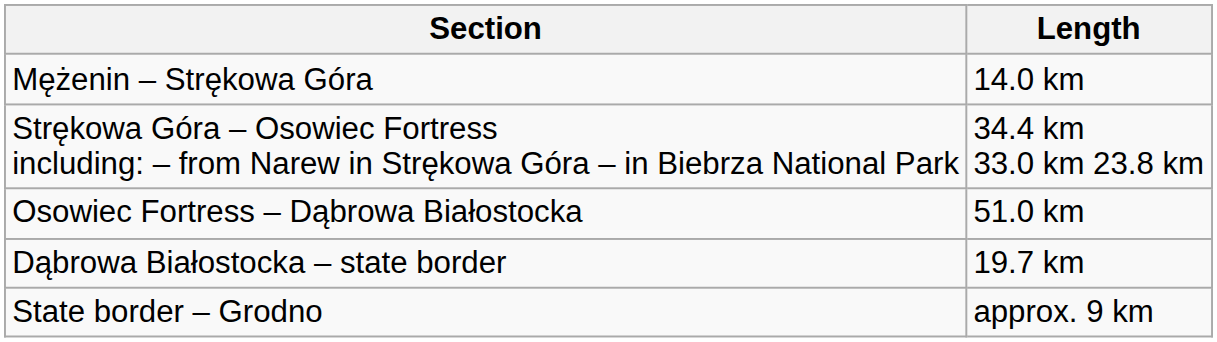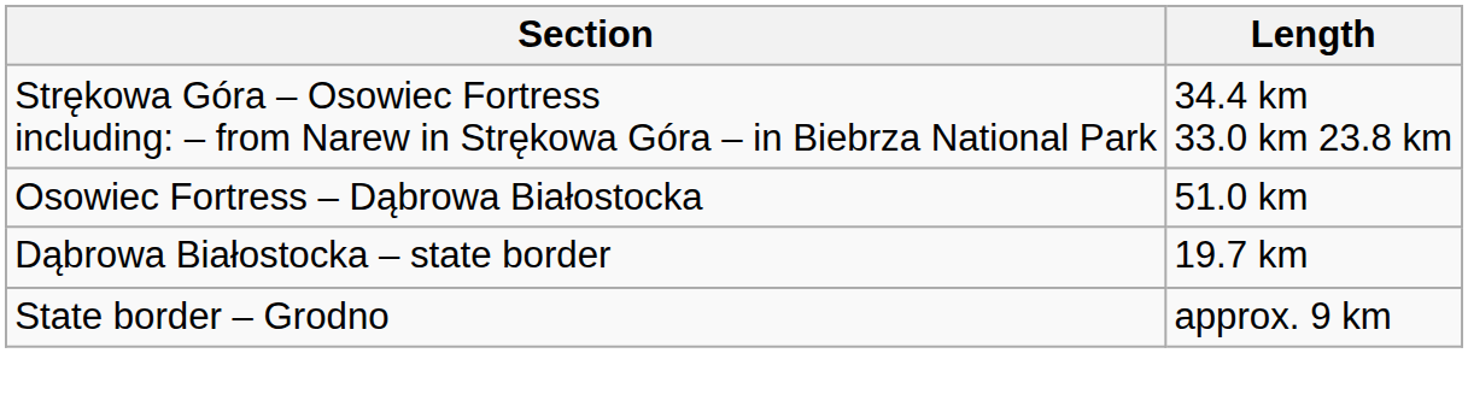 <table class="wikitable">
 <tr>
 <th><strong>Section</strong></th>
 <th><strong>Length</strong></th>
-</tr>
-<tr>
-<td>Mężenin – Strękowa Góra</td>
-<td>14.0 km</td>
 </tr>
 <tr>
 <td>Strękowa Góra – Osowiec Fortress<br>including:  – from Narew in Strękowa Góra – in Biebrza National Park</td>
 <td>34.4 km<br>33.0 km 23.8 km</td>
 </tr>
 <tr>
 <td>Osowiec Fortress – Dąbrowa Białostocka</td>
 <td>51.0 km</td>
 </tr>
 <tr>
 <td>Dąbrowa Białostocka – state border</td>
 <td>19.7 km</td>
 </tr>
 <tr>
 <td>State border – Grodno</td>
 <td>approx. 9 km</td>
 </tr>
 </table>
